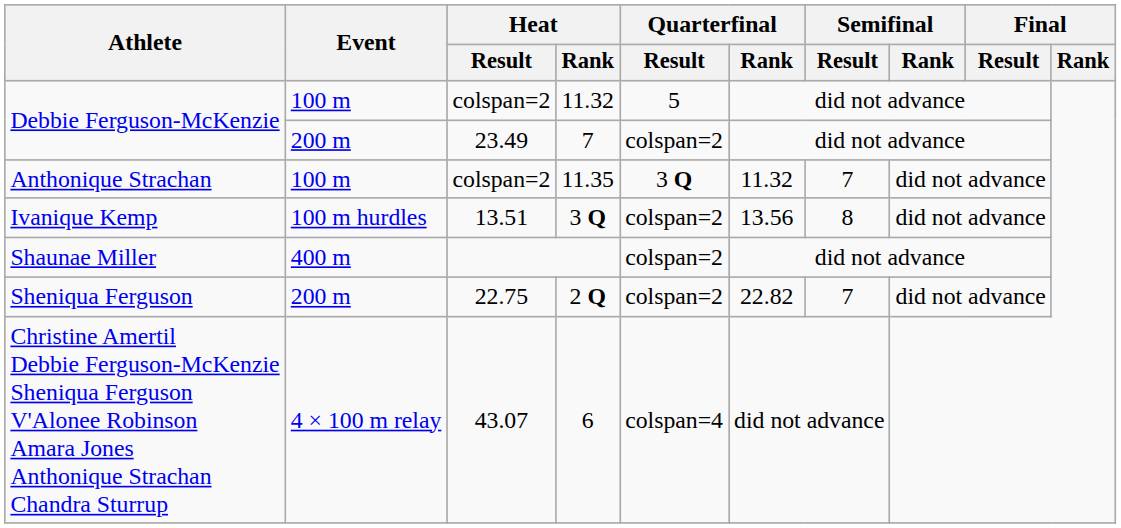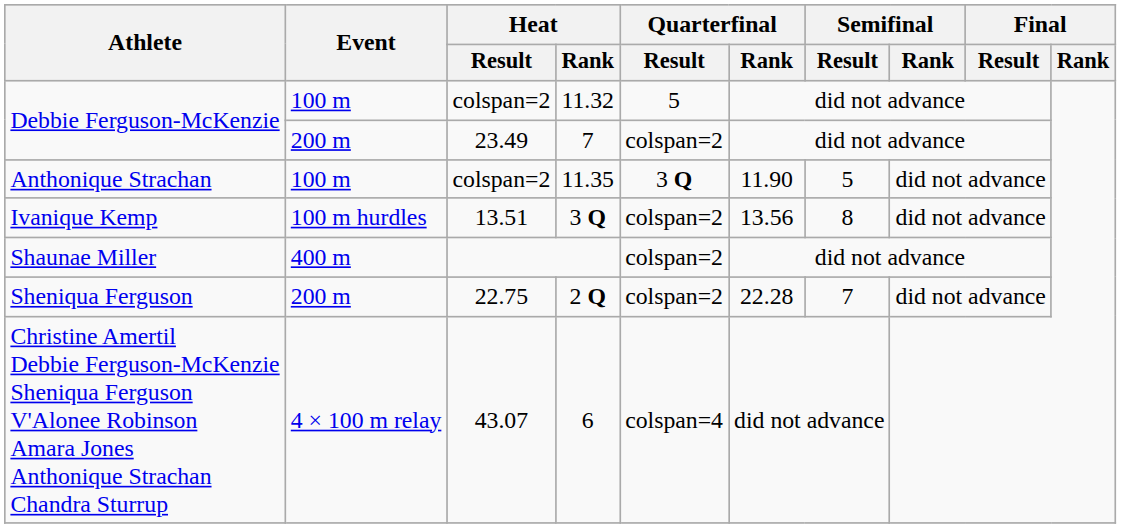 <table class="wikitable" style="font-size:90%">
 <tr>
 <th rowspan="2">Athlete</th>
 <th rowspan="2">Event</th>
 <th colspan="2">Heat</th>
 <th colspan="2">Quarterfinal</th>
 <th colspan="2">Semifinal</th>
 <th colspan="2">Final</th>
 </tr>
 <tr style="font-size:95%">
 <th>Result</th>
 <th>Rank</th>
 <th>Result</th>
 <th>Rank</th>
 <th>Result</th>
 <th>Rank</th>
 <th>Result</th>
 <th>Rank</th>
 </tr>
 <tr align=center>
 <td align=left rowspan=2><a href='#'>Debbie Ferguson-McKenzie</a></td>
 <td align=left><a href='#'>100 m</a></td>
 <td>colspan=2 </td>
 <td>11.32</td>
 <td>5</td>
 <td colspan=4>did not advance</td>
 </tr>
 <tr align=center>
 <td align=left><a href='#'>200 m</a></td>
 <td>23.49</td>
 <td>7</td>
 <td>colspan=2 </td>
 <td colspan=4>did not advance</td>
 </tr>
 <tr align=center>
 <td align=left><a href='#'>Anthonique Strachan</a></td>
 <td align=left><a href='#'>100 m</a></td>
 <td>colspan=2 </td>
 <td>11.35</td>
 <td>3 <strong>Q</strong></td>
-<td>11.32</td>
-<td>7</td>
+<td>11.90</td>
+<td>5</td>
 <td colspan=2>did not advance</td>
 </tr>
 <tr align=center>
 <td align=left><a href='#'>Ivanique Kemp</a></td>
 <td align=left><a href='#'>100 m hurdles</a></td>
 <td>13.51</td>
 <td>3 <strong>Q</strong></td>
 <td>colspan=2 </td>
 <td>13.56</td>
 <td>8</td>
 <td colspan=2>did not advance</td>
 </tr>
 <tr align=center>
 <td align=left><a href='#'>Shaunae Miller</a></td>
 <td align=left><a href='#'>400 m</a></td>
 <td colspan=2></td>
 <td>colspan=2 </td>
 <td colspan=4>did not advance</td>
 </tr>
 <tr align=center>
 <td align=left><a href='#'>Sheniqua Ferguson</a></td>
 <td align=left><a href='#'>200 m</a></td>
 <td>22.75</td>
 <td>2 <strong>Q</strong></td>
 <td>colspan=2 </td>
-<td>22.82</td>
+<td>22.28</td>
 <td>7</td>
 <td colspan=2>did not advance</td>
 </tr>
 <tr align=center>
 <td align=left><a href='#'>Christine Amertil</a><br><a href='#'>Debbie Ferguson-McKenzie</a><br><a href='#'>Sheniqua Ferguson</a><br><a href='#'>V'Alonee Robinson</a><br><a href='#'>Amara Jones</a><br><a href='#'>Anthonique Strachan</a><br><a href='#'>Chandra Sturrup</a></td>
 <td align=left><a href='#'>4 × 100 m relay</a></td>
 <td>43.07</td>
 <td>6</td>
 <td>colspan=4 </td>
 <td colspan=2>did not advance</td>
 </tr>
 </table>
